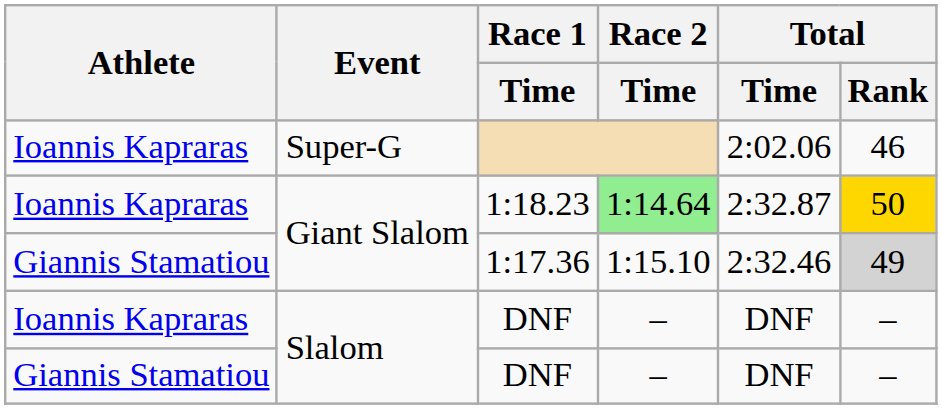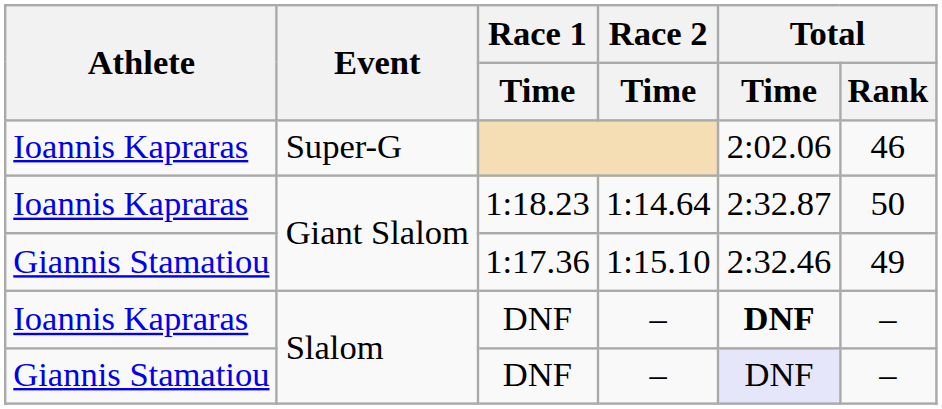 <table class="wikitable" style="font-size:90%">
 <tr>
 <th rowspan="2">Athlete</th>
 <th rowspan="2">Event</th>
 <th>Race 1</th>
 <th>Race 2</th>
 <th colspan="2">Total</th>
 </tr>
 <tr>
 <th>Time</th>
 <th>Time</th>
 <th>Time</th>
 <th>Rank</th>
 </tr>
 <tr>
 <td><a href='#'>Ioannis Kapraras</a></td>
 <td>Super-G</td>
 <td colspan="2" bgcolor="wheat"></td>
 <td align="center">2:02.06</td>
 <td align="center">46</td>
 </tr>
 <tr>
 <td><a href='#'>Ioannis Kapraras</a></td>
 <td rowspan="2">Giant Slalom</td>
 <td align="center">1:18.23</td>
-<td align="center" style="background: lightgreen;">1:14.64</td>
+<td align="center">1:14.64</td>
 <td align="center">2:32.87</td>
-<td align="center" style="background: gold;">50</td>
+<td align="center">50</td>
 </tr>
 <tr>
 <td><a href='#'>Giannis Stamatiou</a></td>
 <td align="center">1:17.36</td>
 <td align="center">1:15.10</td>
 <td align="center">2:32.46</td>
-<td align="center" style="background: lightgrey;">49</td>
+<td align="center">49</td>
 </tr>
 <tr>
 <td><a href='#'>Ioannis Kapraras</a></td>
 <td rowspan="2">Slalom</td>
 <td align="center">DNF</td>
 <td align="center">–</td>
-<td align="center">DNF</td>
+<td align="center"><strong>DNF</strong></td>
 <td align="center">–</td>
 </tr>
 <tr>
 <td><a href='#'>Giannis Stamatiou</a></td>
 <td align="center">DNF</td>
 <td align="center">–</td>
-<td align="center">DNF</td>
+<td align="center" style="background: lavender;">DNF</td>
 <td align="center">–</td>
 </tr>
 </table>
